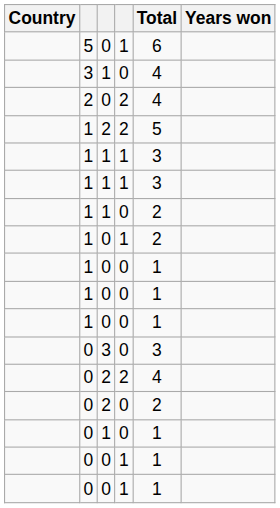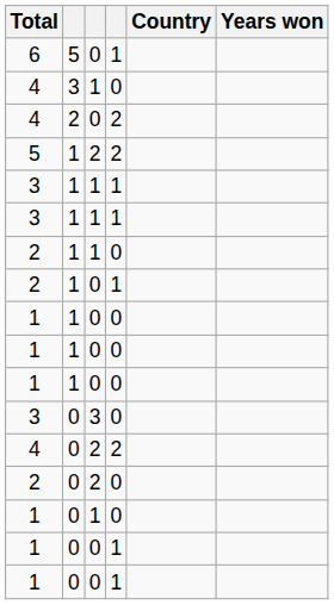 <table class="wikitable sortable" style="margin-top:0;">
 <tr>
-<th>Country</th>
+<th>Total</th>
 <th></th>
 <th></th>
 <th></th>
-<th>Total</th>
+<th>Country</th>
 <th>Years won</th>
 </tr>
 <tr>
-<td></td>
+<td align="center">6</td>
 <td align="center">5</td>
 <td align="center">0</td>
 <td align="center">1</td>
-<td align="center">6</td>
+<td></td>
 <td></td>
 </tr>
 <tr>
-<td></td>
+<td align="center">4</td>
 <td align="center">3</td>
 <td align="center">1</td>
 <td align="center">0</td>
-<td align="center">4</td>
+<td></td>
 <td></td>
 </tr>
 <tr>
-<td></td>
+<td align="center">4</td>
 <td align="center">2</td>
 <td align="center">0</td>
 <td align="center">2</td>
-<td align="center">4</td>
+<td></td>
 <td></td>
 </tr>
 <tr>
-<td></td>
+<td align="center">5</td>
 <td align="center">1</td>
 <td align="center">2</td>
 <td align="center">2</td>
-<td align="center">5</td>
+<td></td>
 <td></td>
 </tr>
 <tr>
-<td></td>
+<td align="center">3</td>
 <td align="center">1</td>
 <td align="center">1</td>
 <td align="center">1</td>
-<td align="center">3</td>
+<td></td>
 <td></td>
 </tr>
 <tr>
-<td></td>
+<td align="center">3</td>
 <td align="center">1</td>
 <td align="center">1</td>
 <td align="center">1</td>
-<td align="center">3</td>
+<td></td>
 <td></td>
 </tr>
 <tr>
-<td></td>
+<td align="center">2</td>
 <td align="center">1</td>
 <td align="center">1</td>
 <td align="center">0</td>
-<td align="center">2</td>
+<td></td>
 <td></td>
 </tr>
 <tr>
-<td></td>
+<td align="center">2</td>
 <td align="center">1</td>
 <td align="center">0</td>
 <td align="center">1</td>
-<td align="center">2</td>
+<td></td>
 <td></td>
 </tr>
 <tr>
+<td align="center">1</td>
+<td align="center">1</td>
+<td align="center">0</td>
+<td align="center">0</td>
 <td></td>
+<td></td>
+</tr>
+<tr>
+<td align="center">1</td>
+<td align="center">1</td>
+<td align="center">0</td>
+<td align="center">0</td>
+<td></td>
+<td></td>
+</tr>
+<tr>
+<td align="center">1</td>
+<td align="center">1</td>
+<td align="center">0</td>
+<td align="center">0</td>
+<td></td>
+<td></td>
+</tr>
+<tr>
+<td align="center">3</td>
+<td align="center">0</td>
+<td align="center">3</td>
+<td align="center">0</td>
+<td></td>
+<td></td>
+</tr>
+<tr>
+<td align="center">4</td>
+<td align="center">0</td>
+<td align="center">2</td>
+<td align="center">2</td>
+<td></td>
+<td></td>
+</tr>
+<tr>
+<td align="center">2</td>
+<td align="center">0</td>
+<td align="center">2</td>
+<td align="center">0</td>
+<td></td>
+<td></td>
+</tr>
+<tr>
+<td align="center">1</td>
+<td align="center">0</td>
+<td align="center">1</td>
+<td align="center">0</td>
+<td></td>
+<td></td>
+</tr>
+<tr>
 <td align="center">1</td>
 <td align="center">0</td>
 <td align="center">0</td>
 <td align="center">1</td>
 <td></td>
+<td></td>
 </tr>
 <tr>
-<td></td>
 <td align="center">1</td>
 <td align="center">0</td>
 <td align="center">0</td>
 <td align="center">1</td>
 <td></td>
-</tr>
-<tr>
-<td></td>
-<td align="center">1</td>
-<td align="center">0</td>
-<td align="center">0</td>
-<td align="center">1</td>
-<td></td>
-</tr>
-<tr>
-<td></td>
-<td align="center">0</td>
-<td align="center">3</td>
-<td align="center">0</td>
-<td align="center">3</td>
-<td></td>
-</tr>
-<tr>
-<td></td>
-<td align="center">0</td>
-<td align="center">2</td>
-<td align="center">2</td>
-<td align="center">4</td>
-<td></td>
-</tr>
-<tr>
-<td></td>
-<td align="center">0</td>
-<td align="center">2</td>
-<td align="center">0</td>
-<td align="center">2</td>
-<td></td>
-</tr>
-<tr>
-<td></td>
-<td align="center">0</td>
-<td align="center">1</td>
-<td align="center">0</td>
-<td align="center">1</td>
-<td></td>
-</tr>
-<tr>
-<td></td>
-<td align="center">0</td>
-<td align="center">0</td>
-<td align="center">1</td>
-<td align="center">1</td>
-<td></td>
-</tr>
-<tr>
-<td></td>
-<td align="center">0</td>
-<td align="center">0</td>
-<td align="center">1</td>
-<td align="center">1</td>
 <td></td>
 </tr>
 </table>
